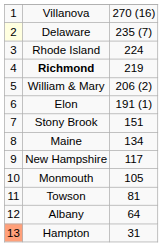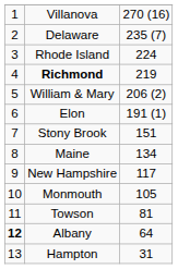 <table class="wikitable">
 <tr align="center">
 </tr>
 <tr align="center">
 <td>1</td>
 <td>Villanova</td>
 <td>270 (16)</td>
 </tr>
 <tr align="center">
-<td style="background: lightyellow;">2</td>
+<td>2</td>
 <td>Delaware</td>
 <td>235 (7)</td>
 </tr>
 <tr align="center">
 <td>3</td>
 <td>Rhode Island</td>
 <td>224</td>
 </tr>
 <tr align="center">
 <td>4</td>
 <td><strong>Richmond</strong></td>
 <td>219</td>
 </tr>
 <tr align="center">
 <td>5</td>
 <td>William & Mary</td>
 <td>206 (2)</td>
 </tr>
 <tr align="center">
 <td>6</td>
 <td>Elon</td>
 <td>191 (1)</td>
 </tr>
 <tr align="center">
 <td>7</td>
 <td>Stony Brook</td>
 <td>151</td>
 </tr>
 <tr align="center">
 <td>8</td>
 <td>Maine</td>
 <td>134</td>
 </tr>
 <tr align="center">
 <td>9</td>
 <td>New Hampshire</td>
 <td>117</td>
 </tr>
 <tr align="center">
 <td>10</td>
 <td>Monmouth</td>
 <td>105</td>
 </tr>
 <tr align="center">
 <td>11</td>
 <td>Towson</td>
 <td>81</td>
 </tr>
 <tr align="center">
-<td>12</td>
+<td><strong>12</strong></td>
 <td>Albany</td>
 <td>64</td>
 </tr>
 <tr align="center">
-<td style="background: lightsalmon;">13</td>
+<td>13</td>
 <td>Hampton</td>
 <td>31</td>
 </tr>
 </table>
